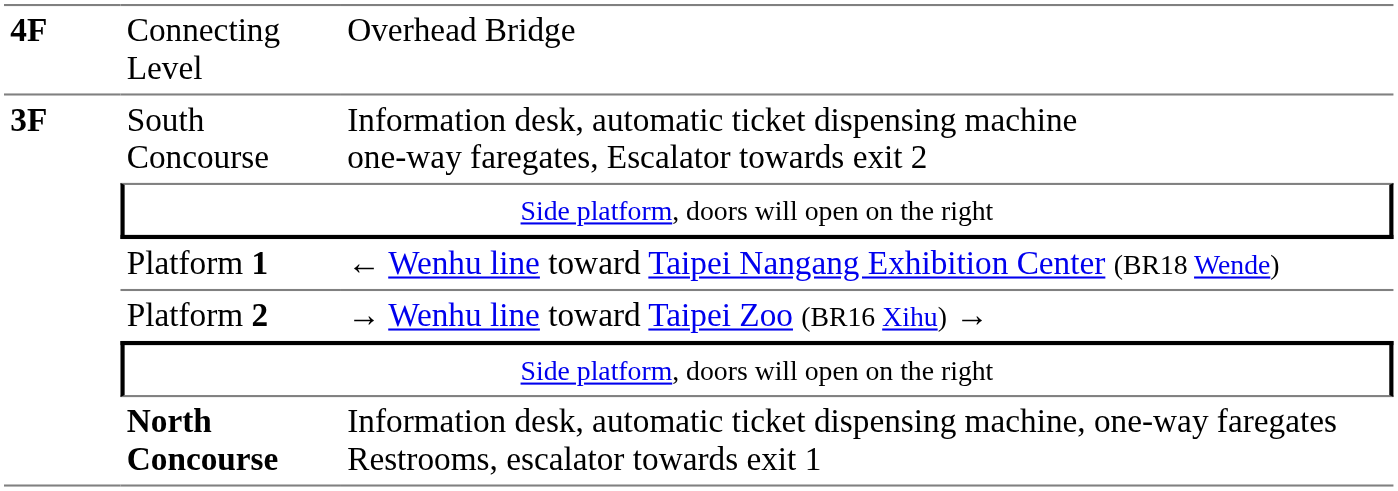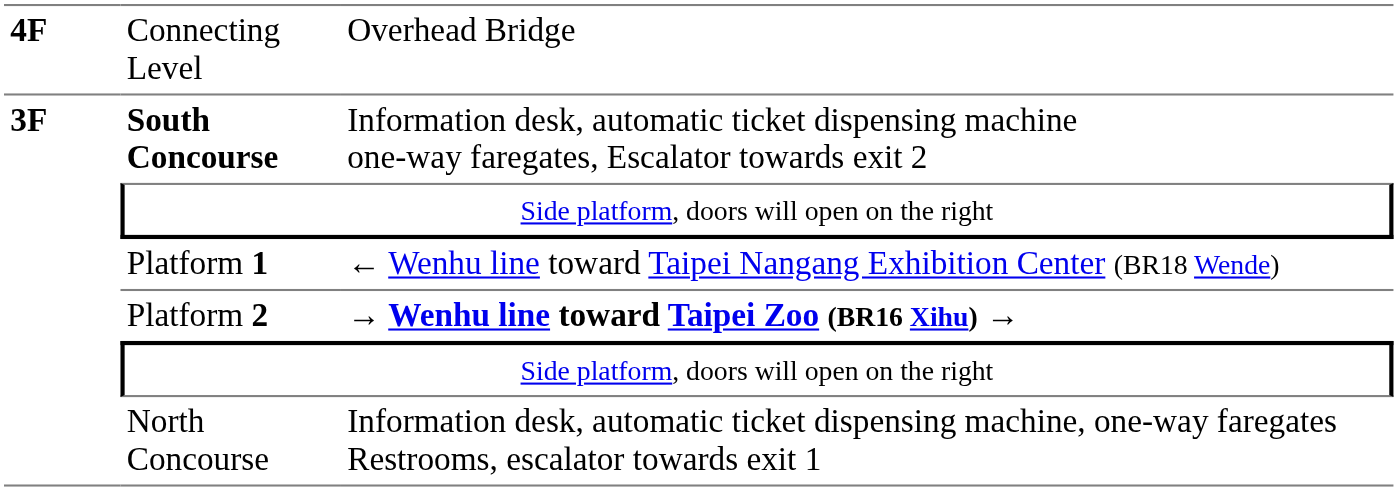 <table table border=0 cellspacing=0 cellpadding=3>
 <tr>
 <td style="border-bottom:solid 1px gray;border-top:solid 1px gray;" width=50 valign=top><strong>4F</strong></td>
 <td style="border-top:solid 1px gray;border-bottom:solid 1px gray;" width=100 valign=top>Connecting Level</td>
 <td style="border-top:solid 1px gray;border-bottom:solid 1px gray;" width=500 valign=top>Overhead Bridge</td>
 </tr>
 <tr>
 <td style="border-bottom:solid 1px gray;" width=50 rowspan=8 valign=top><strong>3F</strong></td>
 </tr>
 <tr>
-<td style="border-top:solid 0px white;" valign=top>South Concourse</td>
+<td style="border-top:solid 0px white;" valign=top><strong>South Concourse</strong></td>
 <td>Information desk, automatic ticket dispensing machine<br>one-way faregates, Escalator towards exit 2</td>
 </tr>
 <tr>
 <td style="border-right:solid 2px black;border-left:solid 2px black;border-bottom:solid 2px black;border-top:solid 1px gray;text-align:center;" colspan=2><small><a href='#'>Side platform</a>, doors will open on the right</small></td>
 </tr>
 <tr>
 <td style="border-bottom:solid 1px gray;" width=100>Platform <span><strong>1</strong></span></td>
 <td style="border-bottom:solid 1px gray;" width=390>←  <a href='#'>Wenhu line</a> toward <a href='#'>Taipei Nangang Exhibition Center</a> <small>(BR18 <a href='#'>Wende</a>)</small></td>
 </tr>
 <tr>
 <td>Platform <span><strong>2</strong></span></td>
-<td><span>→</span>  <a href='#'>Wenhu line</a> toward <a href='#'>Taipei Zoo</a> <small>(BR16 <a href='#'>Xihu</a>)</small> →</td>
+<td><strong><span>→</span>  <a href='#'>Wenhu line</a> toward <a href='#'>Taipei Zoo</a> <small>(BR16 <a href='#'>Xihu</a>)</small> →</strong></td>
 </tr>
 <tr>
 <td style="border-top:solid 2px black;border-right:solid 2px black;border-left:solid 2px black;border-bottom:solid 1px gray;text-align:center;" colspan=2><small><a href='#'>Side platform</a>, doors will open on the right</small></td>
 </tr>
 <tr>
-<td style="border-bottom:solid 1px gray;" valign=top><strong>North Concourse</strong></td>
+<td style="border-bottom:solid 1px gray;" valign=top>North Concourse</td>
 <td style="border-bottom:solid 1px gray;">Information desk, automatic ticket dispensing machine, one-way faregates<br>Restrooms, escalator towards exit 1</td>
 </tr>
 </table>
